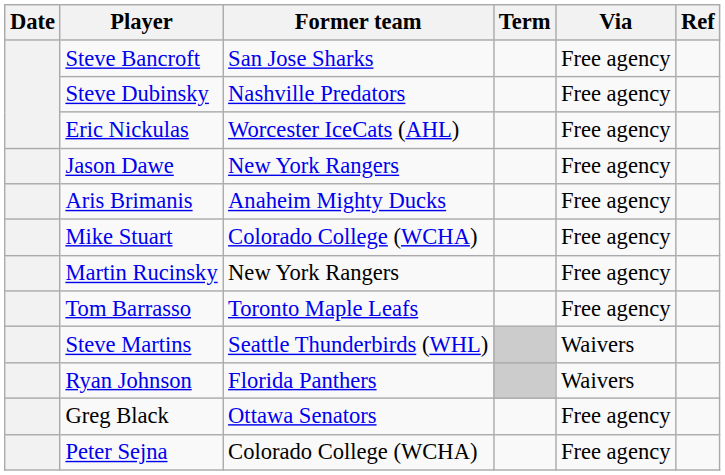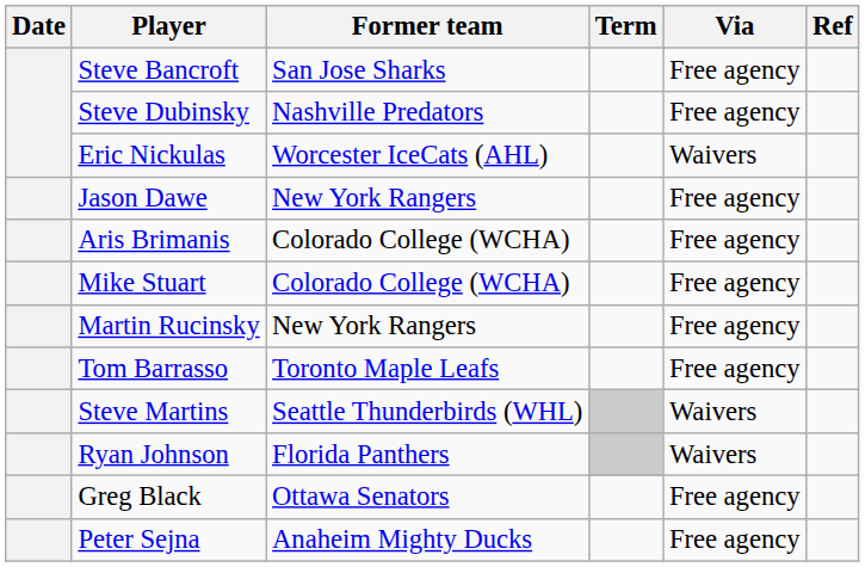 <table class="wikitable plainrowheaders">
 <tr style="background:#ddd; text-align:center;">
 <th>Date</th>
 <th>Player</th>
 <th>Former team</th>
 <th>Term</th>
 <th>Via</th>
 <th>Ref</th>
 </tr>
 <tr>
 <th scope="row" rowspan=3></th>
 <td><a href='#'>Steve Bancroft</a></td>
 <td><a href='#'>San Jose Sharks</a></td>
 <td></td>
 <td>Free agency</td>
 <td></td>
 </tr>
 <tr>
 <td><a href='#'>Steve Dubinsky</a></td>
 <td><a href='#'>Nashville Predators</a></td>
 <td></td>
 <td>Free agency</td>
 <td></td>
 </tr>
 <tr>
 <td><a href='#'>Eric Nickulas</a></td>
 <td><a href='#'>Worcester IceCats</a> (<a href='#'>AHL</a>)</td>
 <td></td>
-<td>Free agency</td>
+<td>Waivers</td>
 <td></td>
 </tr>
 <tr>
 <th scope="row"></th>
 <td><a href='#'>Jason Dawe</a></td>
 <td><a href='#'>New York Rangers</a></td>
 <td></td>
 <td>Free agency</td>
 <td></td>
 </tr>
 <tr>
 <th scope="row"></th>
 <td><a href='#'>Aris Brimanis</a></td>
-<td><a href='#'>Anaheim Mighty Ducks</a></td>
+<td>Colorado College (WCHA)</td>
 <td></td>
 <td>Free agency</td>
 <td></td>
 </tr>
 <tr>
 <th scope="row"></th>
 <td><a href='#'>Mike Stuart</a></td>
 <td><a href='#'>Colorado College</a> (<a href='#'>WCHA</a>)</td>
 <td></td>
 <td>Free agency</td>
 <td></td>
 </tr>
 <tr>
 <th scope="row"></th>
 <td><a href='#'>Martin Rucinsky</a></td>
 <td>New York Rangers</td>
 <td></td>
 <td>Free agency</td>
 <td></td>
 </tr>
 <tr>
 <th scope="row"></th>
 <td><a href='#'>Tom Barrasso</a></td>
 <td><a href='#'>Toronto Maple Leafs</a></td>
 <td></td>
 <td>Free agency</td>
 <td></td>
 </tr>
 <tr>
 <th scope="row"></th>
 <td><a href='#'>Steve Martins</a></td>
 <td><a href='#'>Seattle Thunderbirds</a> (<a href='#'>WHL</a>)</td>
 <td style="background:#ccc"></td>
 <td>Waivers</td>
 <td></td>
 </tr>
 <tr>
 <th scope="row"></th>
 <td><a href='#'>Ryan Johnson</a></td>
 <td><a href='#'>Florida Panthers</a></td>
 <td style="background:#ccc"></td>
 <td>Waivers</td>
 <td></td>
 </tr>
 <tr>
 <th scope="row"></th>
 <td>Greg Black</td>
 <td><a href='#'>Ottawa Senators</a></td>
 <td></td>
 <td>Free agency</td>
 <td></td>
 </tr>
 <tr>
 <th scope="row"></th>
 <td><a href='#'>Peter Sejna</a></td>
-<td>Colorado College (WCHA)</td>
+<td><a href='#'>Anaheim Mighty Ducks</a></td>
 <td></td>
 <td>Free agency</td>
 <td></td>
 </tr>
 </table>
